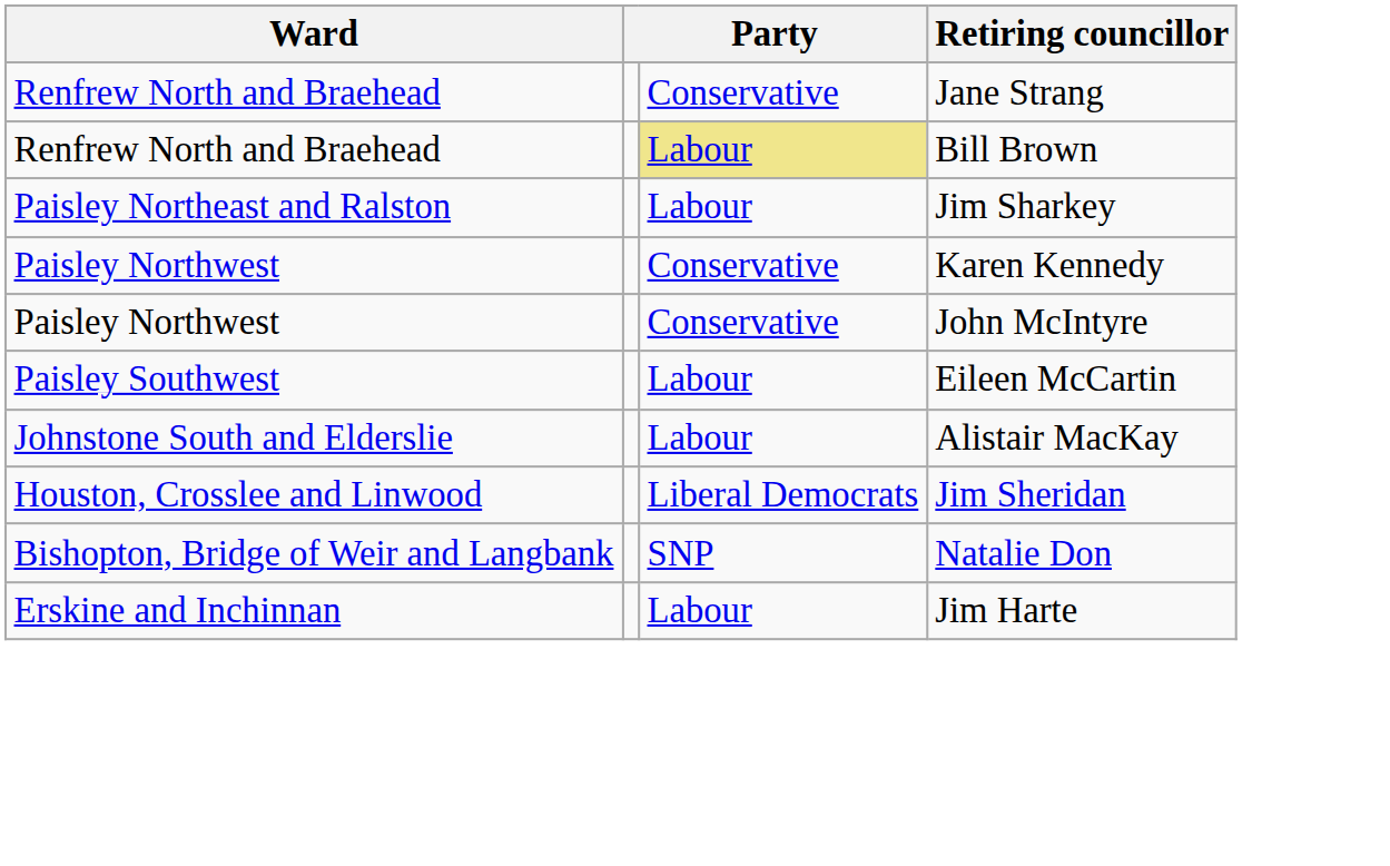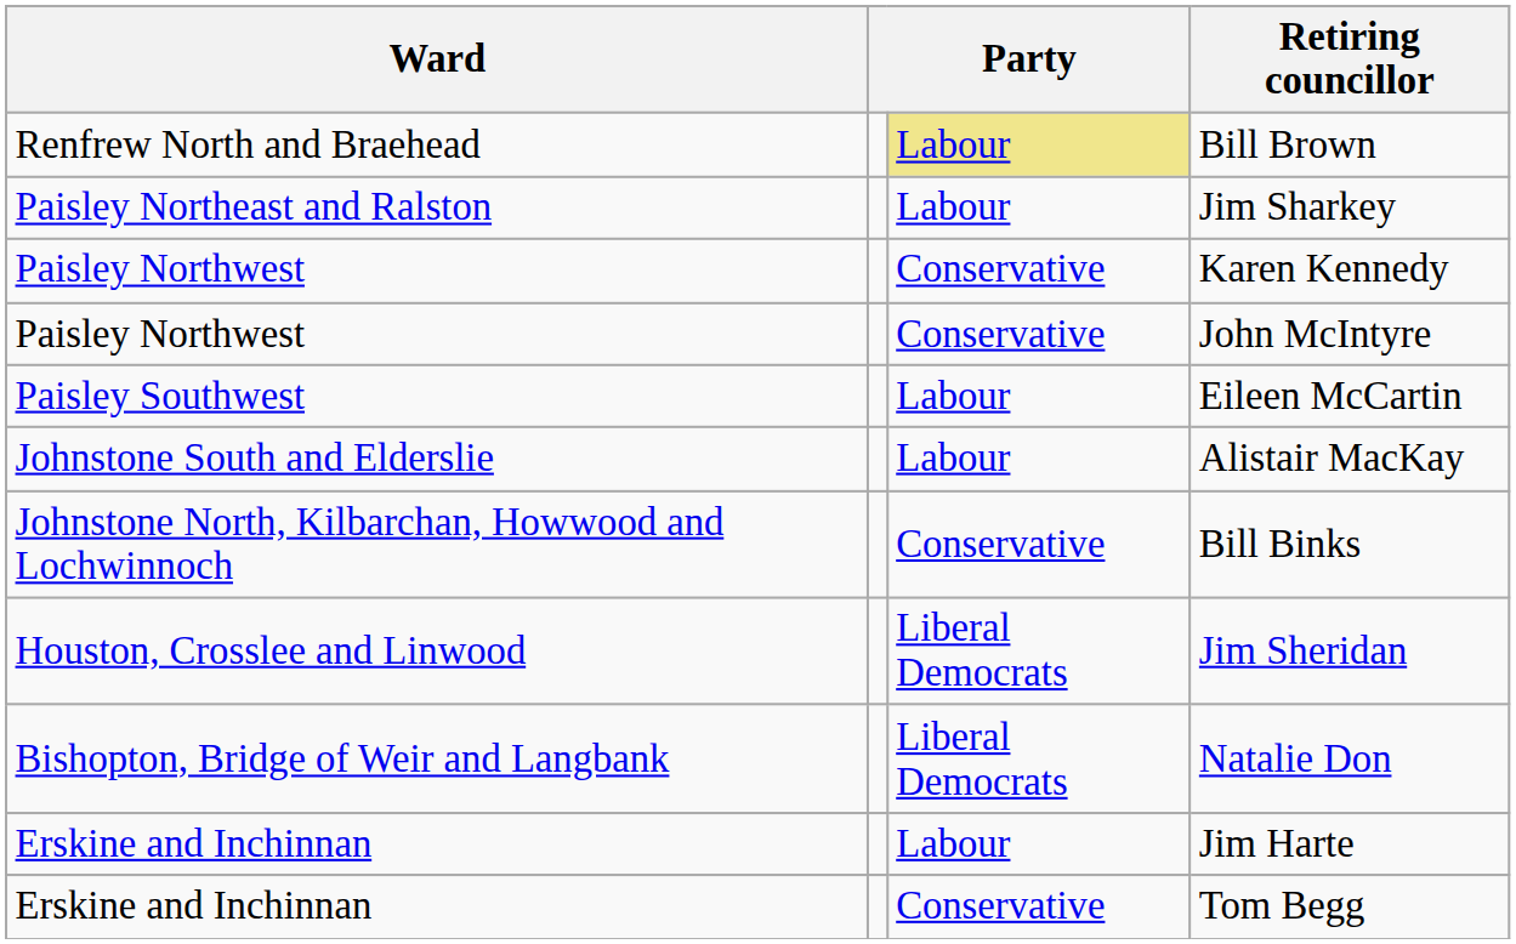 <table class="wikitable sortable">
 <tr>
 <th>Ward</th>
 <th colspan="2">Party</th>
 <th>Retiring councillor</th>
-</tr>
-<tr>
-<td><a href='#'>Renfrew North and Braehead</a></td>
-<td style="background-color: "></td>
-<td><a href='#'>Conservative</a></td>
-<td>Jane Strang</td>
 </tr>
 <tr>
 <td>Renfrew North and Braehead</td>
 <td style="background-color: "></td>
 <td style="background: khaki;"><a href='#'>Labour</a></td>
 <td>Bill Brown</td>
 </tr>
 <tr>
 <td><a href='#'>Paisley Northeast and Ralston</a></td>
 <td style="background-color: "></td>
 <td><a href='#'>Labour</a></td>
 <td>Jim Sharkey</td>
 </tr>
 <tr>
 <td><a href='#'>Paisley Northwest</a></td>
 <td style="background-color: "></td>
 <td><a href='#'>Conservative</a></td>
 <td>Karen Kennedy</td>
 </tr>
 <tr>
 <td>Paisley Northwest</td>
 <td style="background-color: "></td>
 <td><a href='#'>Conservative</a></td>
 <td>John McIntyre</td>
 </tr>
 <tr>
 <td><a href='#'>Paisley Southwest</a></td>
 <td style="background-color: "></td>
 <td><a href='#'>Labour</a></td>
 <td>Eileen McCartin </td>
 </tr>
 <tr>
 <td><a href='#'>Johnstone South and Elderslie</a></td>
 <td style="background-color: "></td>
 <td><a href='#'>Labour</a></td>
 <td>Alistair MacKay</td>
 </tr>
 <tr>
+<td><a href='#'>Johnstone North, Kilbarchan, Howwood and Lochwinnoch</a></td>
+<td style="background-color: "></td>
+<td><a href='#'>Conservative</a></td>
+<td>Bill Binks</td>
+</tr>
+<tr>
 <td><a href='#'>Houston, Crosslee and Linwood</a></td>
 <td style="background-color: "></td>
 <td><a href='#'>Liberal Democrats</a></td>
 <td><a href='#'>Jim Sheridan</a></td>
 </tr>
 <tr>
 <td><a href='#'>Bishopton, Bridge of Weir and Langbank</a></td>
 <td style="background-color: "></td>
-<td><a href='#'>SNP</a></td>
+<td><a href='#'>Liberal Democrats</a></td>
 <td><a href='#'>Natalie Don</a></td>
 </tr>
 <tr>
 <td><a href='#'>Erskine and Inchinnan</a></td>
 <td style="background-color: "></td>
 <td><a href='#'>Labour</a></td>
 <td>Jim Harte</td>
 </tr>
+<tr>
+<td>Erskine and Inchinnan</td>
+<td style="background-color: "></td>
+<td><a href='#'>Conservative</a></td>
+<td>Tom Begg</td>
+</tr>
 </table>
